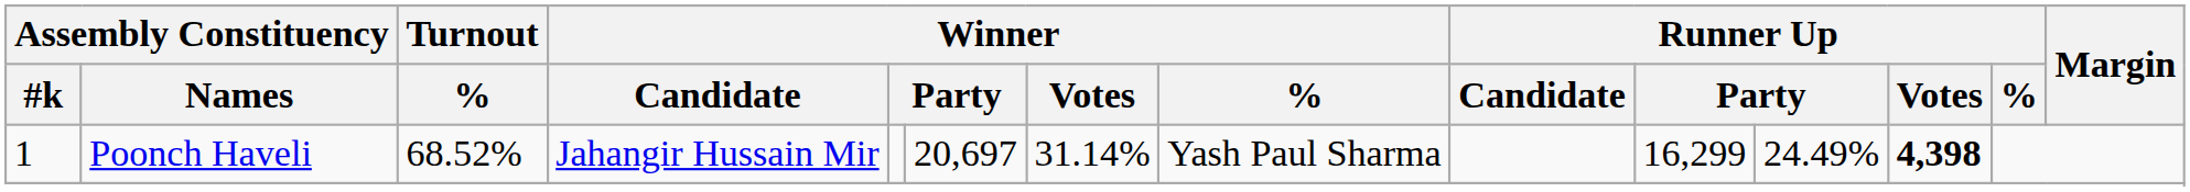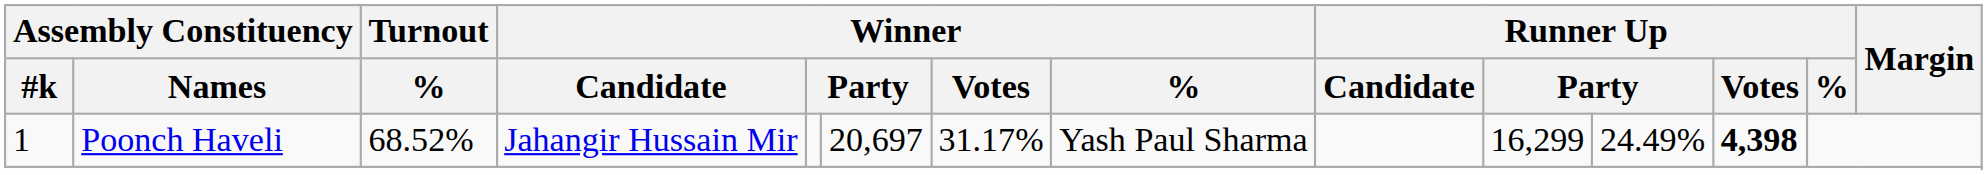 <table class="wikitable sortable">
 <tr>
 <th colspan="2">Assembly Constituency</th>
 <th>Turnout</th>
 <th colspan="5">Winner</th>
 <th colspan="5">Runner Up</th>
 <th rowspan="2" data-sort-type=number>Margin</th>
 </tr>
 <tr>
 <th>#k</th>
 <th>Names</th>
 <th>%</th>
 <th>Candidate</th>
 <th colspan="2">Party</th>
 <th data-sort-type=number>Votes</th>
 <th>%</th>
 <th>Candidate</th>
 <th colspan="2">Party</th>
 <th data-sort-type=number>Votes</th>
 <th>%</th>
 </tr>
 <tr>
 <td>1</td>
 <td><a href='#'>Poonch Haveli</a></td>
 <td>68.52%</td>
 <td><a href='#'>Jahangir Hussain Mir</a></td>
 <td></td>
 <td>20,697</td>
-<td>31.14%</td>
+<td>31.17%</td>
 <td>Yash Paul Sharma</td>
 <td></td>
 <td>16,299</td>
 <td>24.49%</td>
 <td style="background:"><span><strong>4,398</strong></span></td>
 </tr>
 <tr>
 </tr>
 </table>
